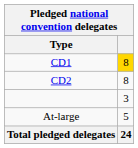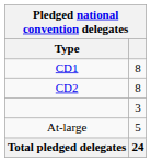 <table class="wikitable sortable" style="float:none; clear:none; padding:5px; text-align:center; font-size:90%;">
 <tr>
 <th colspan="2">Pledged <a href='#'>national<br>convention</a> delegates</th>
 </tr>
 <tr>
 <th>Type</th>
 <th></th>
 </tr>
 <tr>
 <td><a href='#'>CD1</a></td>
-<td style="background: gold;">8</td>
+<td>8</td>
 </tr>
 <tr>
 <td><a href='#'>CD2</a></td>
 <td>8</td>
 </tr>
 <tr>
 <td></td>
 <td>3</td>
 </tr>
 <tr>
 <td>At-large</td>
 <td>5</td>
 </tr>
 <tr>
 <th>Total pledged delegates</th>
 <th>24</th>
 </tr>
 </table>
